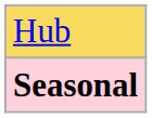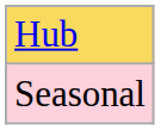 <table class="wikitable">
 <tr>
 <td style="background:#FADA5E"><a href='#'>Hub</a></td>
 </tr>
 <tr>
-<td style="background:#FFD1DC"><strong>Seasonal</strong></td>
+<td style="background:#FFD1DC">Seasonal</td>
 </tr>
 </table>
